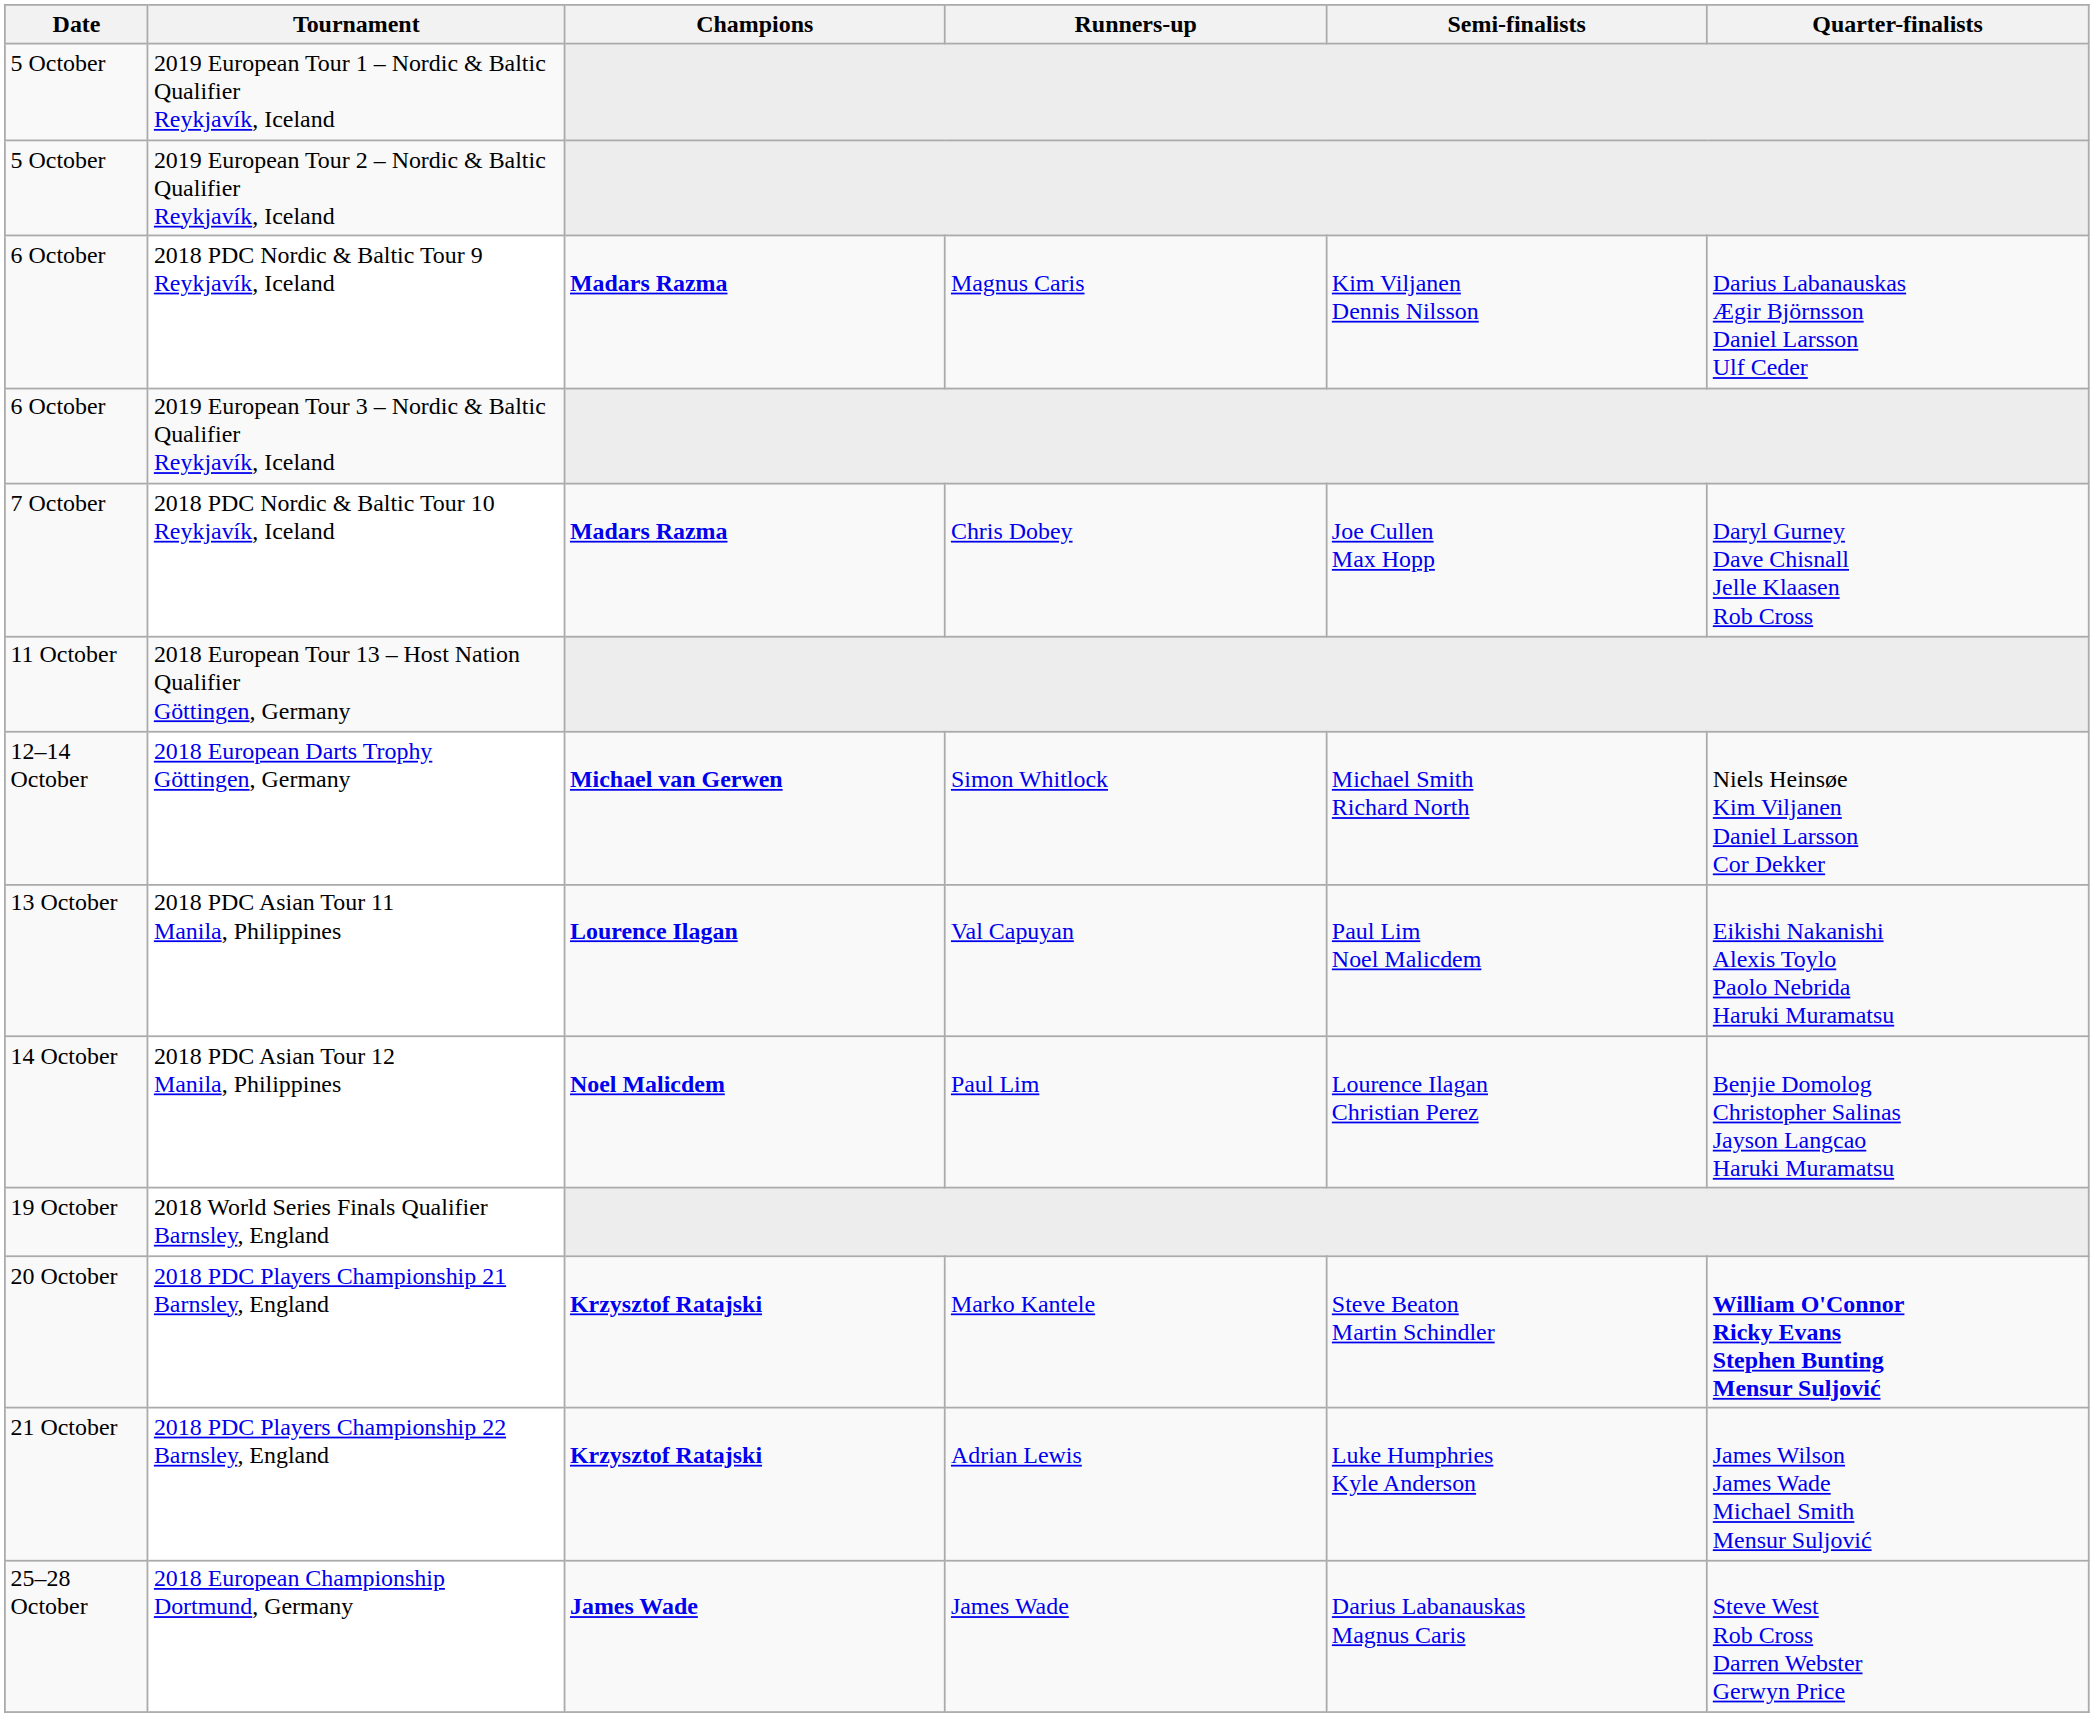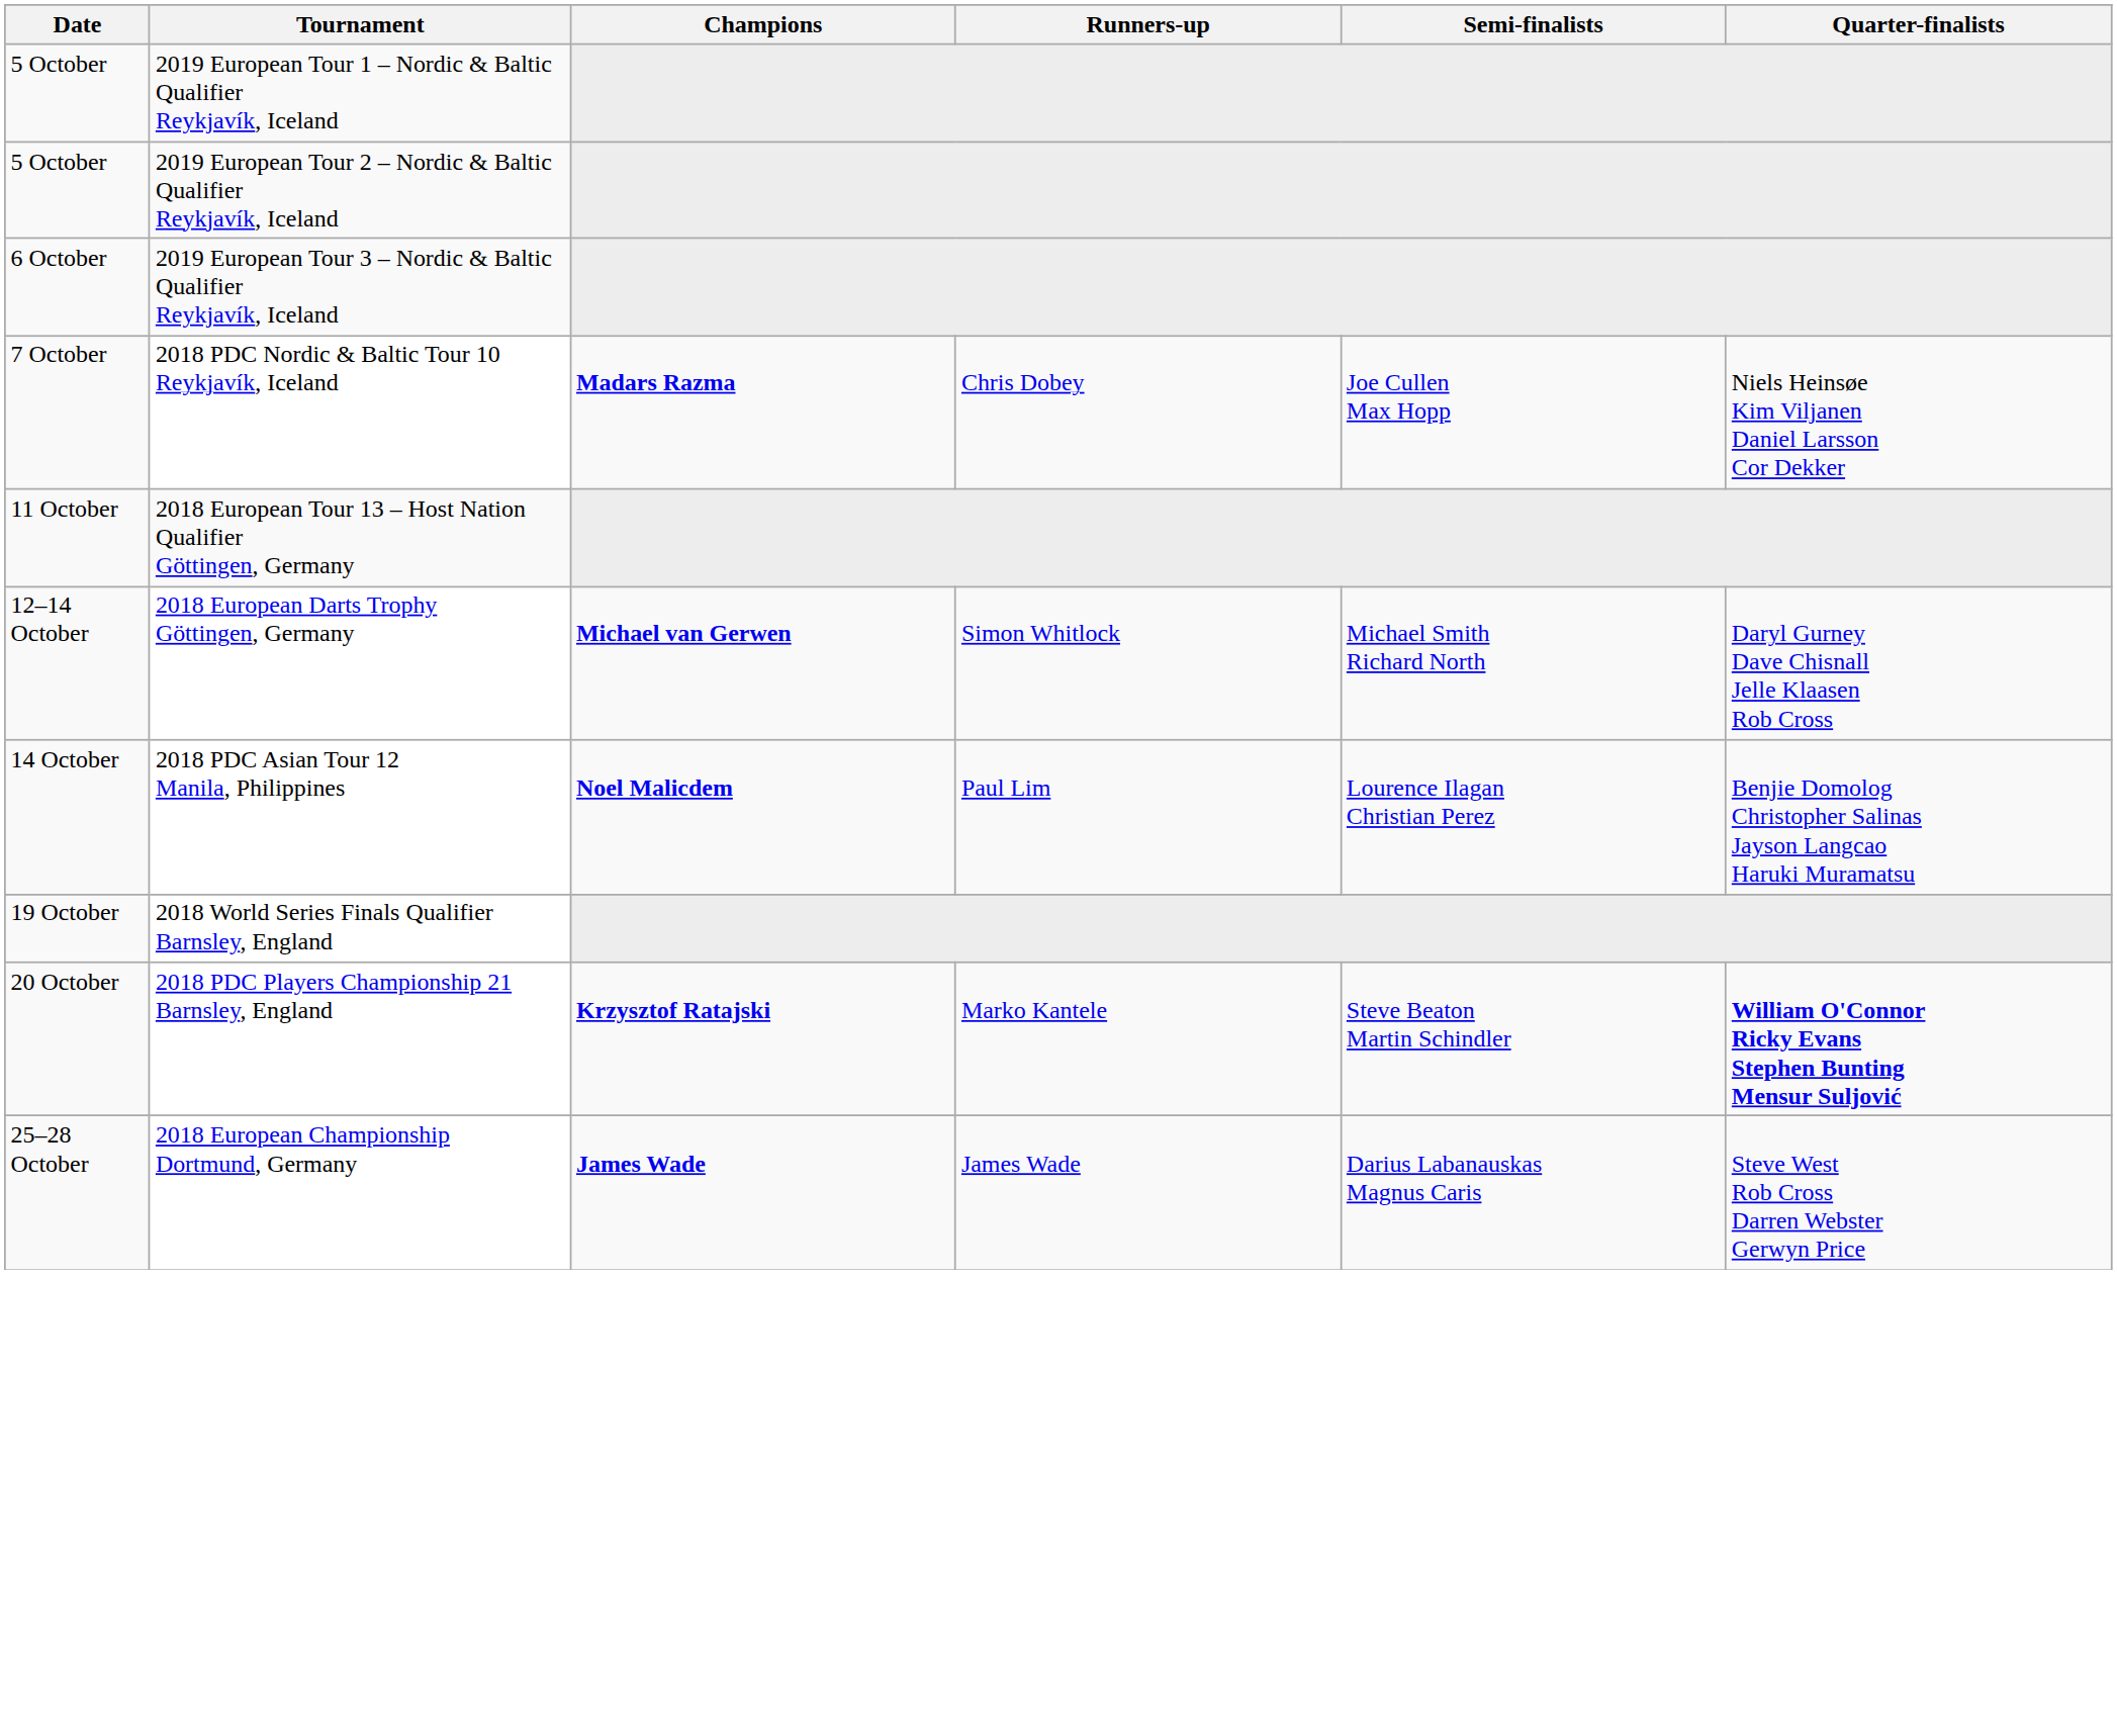 <table class=wikitable style=font-size:85%>
 <tr>
 <th width=75>Date</th>
 <th width=230>Tournament</th>
 <th width=210>Champions</th>
 <th width=210>Runners-up</th>
 <th width=210>Semi-finalists</th>
 <th width=210>Quarter-finalists</th>
 </tr>
 <tr valign="top">
 <td rowspan=1>5 October</td>
 <td>2019 European Tour 1 – Nordic & Baltic Qualifier <br><a href='#'>Reykjavík</a>, Iceland</td>
 <td colspan=4 bgcolor="#ededed"></td>
 </tr>
 <tr valign="top">
 <td rowspan=1>5 October</td>
 <td>2019 European Tour 2 – Nordic & Baltic Qualifier <br><a href='#'>Reykjavík</a>, Iceland</td>
 <td colspan=4 bgcolor="#ededed"></td>
 </tr>
 <tr valign="top">
-<td>6 October</td>
-<td bgcolor="#ffffff">2018 PDC Nordic & Baltic Tour 9<br><a href='#'>Reykjavík</a>, Iceland</td>
-<td><br> <strong><a href='#'>Madars Razma</a></strong></td>
-<td><br> <a href='#'>Magnus Caris</a></td>
-<td><br> <a href='#'>Kim Viljanen</a> <br>  <a href='#'>Dennis Nilsson</a></td>
-<td><br> <a href='#'>Darius Labanauskas</a> <br>  <a href='#'>Ægir Björnsson</a> <br>  <a href='#'>Daniel Larsson</a> <br>  <a href='#'>Ulf Ceder</a></td>
-</tr>
-<tr valign="top">
 <td rowspan=1>6 October</td>
 <td>2019 European Tour 3 – Nordic & Baltic Qualifier <br><a href='#'>Reykjavík</a>, Iceland</td>
 <td colspan=4 bgcolor="#ededed"></td>
 </tr>
 <tr valign="top">
 <td>7 October</td>
 <td bgcolor="#ffffff">2018 PDC Nordic & Baltic Tour 10<br><a href='#'>Reykjavík</a>, Iceland</td>
 <td><br> <strong><a href='#'>Madars Razma</a></strong></td>
 <td><br> <a href='#'>Chris Dobey</a></td>
 <td><br> <a href='#'>Joe Cullen</a> <br>  <a href='#'>Max Hopp</a></td>
-<td><br> <a href='#'>Daryl Gurney</a> <br>  <a href='#'>Dave Chisnall</a> <br>  <a href='#'>Jelle Klaasen</a> <br>  <a href='#'>Rob Cross</a></td>
+<td><br> Niels Heinsøe <br>  <a href='#'>Kim Viljanen</a> <br>  <a href='#'>Daniel Larsson</a> <br>  <a href='#'>Cor Dekker</a></td>
 </tr>
 <tr valign="top">
 <td rowspan=1>11 October</td>
 <td>2018 European Tour 13 – Host Nation Qualifier <br><a href='#'>Göttingen</a>, Germany</td>
 <td colspan=4 bgcolor="#ededed"></td>
 </tr>
 <tr valign="top">
 <td>12–14 October</td>
 <td bgcolor="#ffffff"><a href='#'>2018 European Darts Trophy</a><br><a href='#'>Göttingen</a>, Germany</td>
 <td><br> <strong><a href='#'>Michael van Gerwen</a></strong></td>
 <td><br> <a href='#'>Simon Whitlock</a></td>
 <td><br> <a href='#'>Michael Smith</a> <br>  <a href='#'>Richard North</a></td>
-<td><br> Niels Heinsøe <br>  <a href='#'>Kim Viljanen</a> <br>  <a href='#'>Daniel Larsson</a> <br>  <a href='#'>Cor Dekker</a></td>
-</tr>
-<tr valign="top">
-<td>13 October</td>
-<td bgcolor="#ffffff">2018 PDC Asian Tour 11<br><a href='#'>Manila</a>, Philippines</td>
-<td><br> <strong><a href='#'>Lourence Ilagan</a></strong></td>
-<td><br> <a href='#'>Val Capuyan</a></td>
-<td><br> <a href='#'>Paul Lim</a> <br>  <a href='#'>Noel Malicdem</a></td>
-<td><br> <a href='#'>Eikishi Nakanishi</a> <br>  <a href='#'>Alexis Toylo</a> <br>  <a href='#'>Paolo Nebrida</a> <br>  <a href='#'>Haruki Muramatsu</a></td>
+<td><br> <a href='#'>Daryl Gurney</a> <br>  <a href='#'>Dave Chisnall</a> <br>  <a href='#'>Jelle Klaasen</a> <br>  <a href='#'>Rob Cross</a></td>
 </tr>
 <tr valign="top">
 <td>14 October</td>
 <td bgcolor="#ffffff">2018 PDC Asian Tour 12<br><a href='#'>Manila</a>, Philippines</td>
 <td><br> <strong><a href='#'>Noel Malicdem</a></strong></td>
 <td><br> <a href='#'>Paul Lim</a></td>
 <td><br> <a href='#'>Lourence Ilagan</a> <br>  <a href='#'>Christian Perez</a></td>
 <td><br> <a href='#'>Benjie Domolog</a> <br>  <a href='#'>Christopher Salinas</a> <br>  <a href='#'>Jayson Langcao</a> <br>  <a href='#'>Haruki Muramatsu</a></td>
 </tr>
 <tr valign="top">
 <td>19 October</td>
 <td bgcolor="#ffffff">2018 World Series Finals Qualifier <br> <a href='#'>Barnsley</a>, England</td>
 <td colspan=4 bgcolor="#ededed"></td>
 </tr>
 <tr valign="top">
 <td>20 October</td>
 <td bgcolor="#ffffff"><a href='#'>2018 PDC Players Championship 21</a><br><a href='#'>Barnsley</a>, England</td>
 <td><br> <strong><a href='#'>Krzysztof Ratajski</a></strong></td>
 <td><br> <a href='#'>Marko Kantele</a></td>
 <td><br> <a href='#'>Steve Beaton</a> <br>  <a href='#'>Martin Schindler</a></td>
 <td><strong><br> <a href='#'>William O'Connor</a> <br>  <a href='#'>Ricky Evans</a> <br>  <a href='#'>Stephen Bunting</a> <br>  <a href='#'>Mensur Suljović</a></strong></td>
 </tr>
 <tr valign="top">
-<td>21 October</td>
-<td bgcolor="#ffffff"><a href='#'>2018 PDC Players Championship 22</a><br><a href='#'>Barnsley</a>, England</td>
-<td><br> <strong><a href='#'>Krzysztof Ratajski</a></strong></td>
-<td><br> <a href='#'>Adrian Lewis</a></td>
-<td><br> <a href='#'>Luke Humphries</a> <br>  <a href='#'>Kyle Anderson</a></td>
-<td><br> <a href='#'>James Wilson</a> <br>  <a href='#'>James Wade</a> <br>  <a href='#'>Michael Smith</a> <br>  <a href='#'>Mensur Suljović</a></td>
-</tr>
-<tr valign="top">
 <td>25–28 October</td>
 <td bgcolor="#ffffff"><a href='#'>2018 European Championship</a><br><a href='#'>Dortmund</a>, Germany</td>
 <td><br> <strong><a href='#'>James Wade</a></strong></td>
 <td><br> <a href='#'>James Wade</a></td>
 <td><br> <a href='#'>Darius Labanauskas</a> <br>  <a href='#'>Magnus Caris</a></td>
 <td><br> <a href='#'>Steve West</a> <br>  <a href='#'>Rob Cross</a> <br>  <a href='#'>Darren Webster</a> <br>  <a href='#'>Gerwyn Price</a></td>
 </tr>
 </table>
